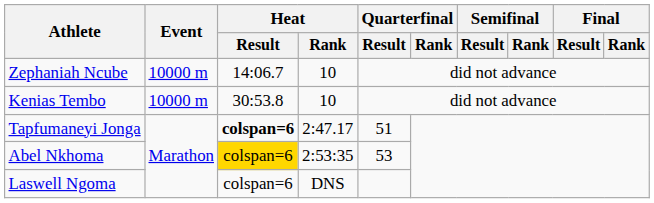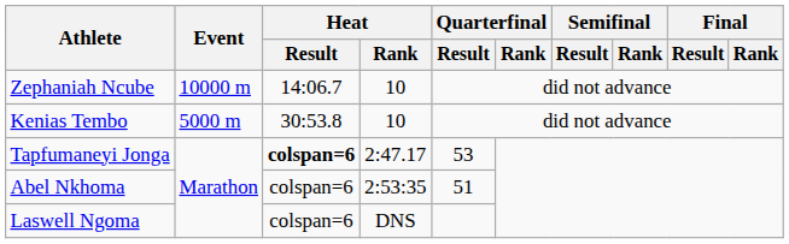 <table class="wikitable" style="font-size:90%">
 <tr>
 <th rowspan="2">Athlete</th>
 <th rowspan="2">Event</th>
 <th colspan="2">Heat</th>
 <th colspan="2">Quarterfinal</th>
 <th colspan="2">Semifinal</th>
 <th colspan="2">Final</th>
 </tr>
 <tr style="font-size:95%">
 <th>Result</th>
 <th>Rank</th>
 <th>Result</th>
 <th>Rank</th>
 <th>Result</th>
 <th>Rank</th>
 <th>Result</th>
 <th>Rank</th>
 </tr>
 <tr align=center>
 <td align=left><a href='#'>Zephaniah Ncube</a></td>
 <td align=left><a href='#'>10000 m</a></td>
 <td>14:06.7</td>
 <td>10</td>
 <td colspan=6>did not advance</td>
 </tr>
 <tr align=center>
 <td align=left><a href='#'>Kenias Tembo</a></td>
-<td align=left><a href='#'>10000 m</a></td>
+<td align=left><a href='#'>5000 m</a></td>
 <td>30:53.8</td>
 <td>10</td>
 <td colspan=6>did not advance</td>
 </tr>
 <tr align=center>
 <td align=left><a href='#'>Tapfumaneyi Jonga</a></td>
 <td align=left rowspan=3><a href='#'>Marathon</a></td>
 <td><strong>colspan=6 </strong></td>
 <td>2:47.17</td>
-<td>51</td>
+<td>53</td>
 </tr>
 <tr align=center>
 <td align=left><a href='#'>Abel Nkhoma</a></td>
-<td style="background: gold;">colspan=6 </td>
+<td>colspan=6 </td>
 <td>2:53:35</td>
-<td>53</td>
+<td>51</td>
 </tr>
 <tr align=center>
 <td align=left><a href='#'>Laswell Ngoma</a></td>
 <td>colspan=6 </td>
 <td>DNS</td>
 <td></td>
 </tr>
 </table>
